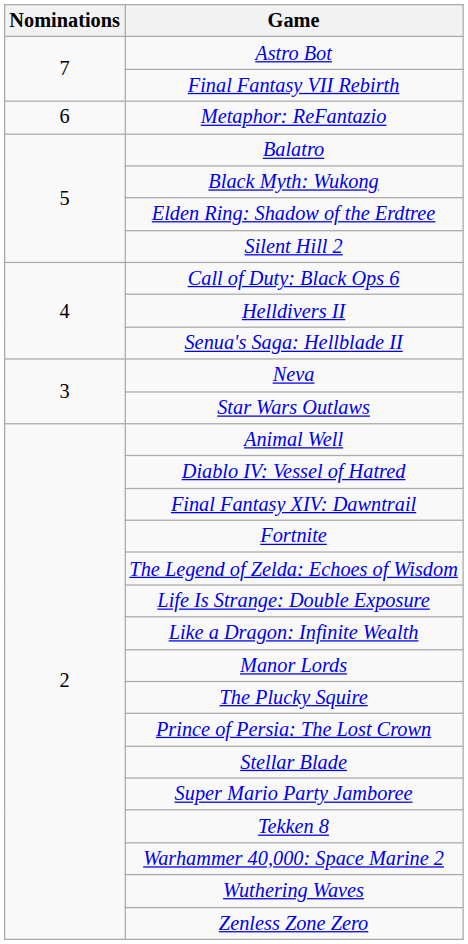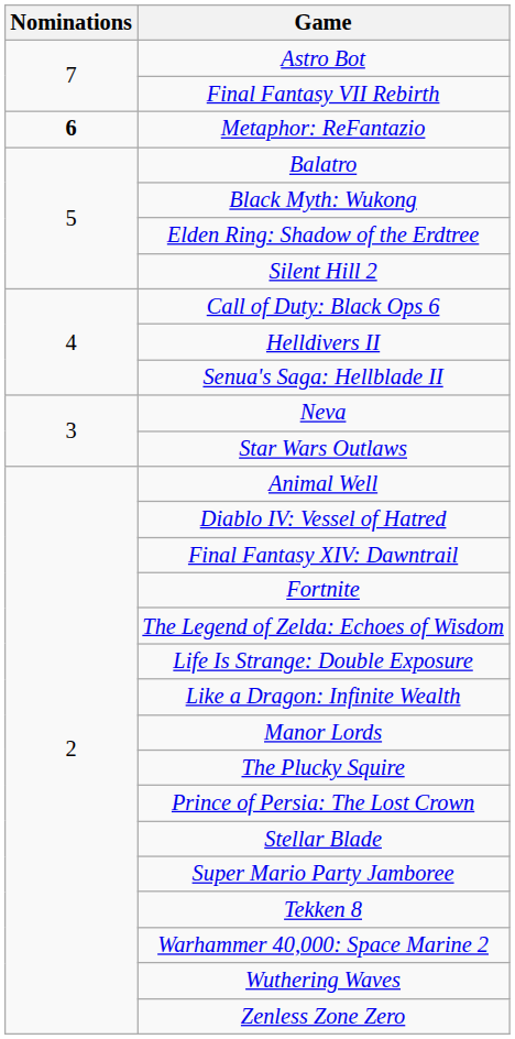 <table class="wikitable plainrowheaders sortable" rowspan="2" style="text-align:center;" background: #f6e39c;>
 <tr>
 <th scope="col" style="width:55px;">Nominations</th>
 <th scope="col" style="text-align:center;">Game</th>
 </tr>
 <tr>
 <td rowspan="2">7</td>
 <td><em><a href='#'>Astro Bot</a></em></td>
 </tr>
 <tr>
 <td><em><a href='#'>Final Fantasy VII Rebirth</a></em></td>
 </tr>
 <tr>
-<td>6</td>
+<td><strong>6</strong></td>
 <td><em><a href='#'>Metaphor: ReFantazio</a></em></td>
 </tr>
 <tr>
 <td rowspan="4">5</td>
 <td><em><a href='#'>Balatro</a></em></td>
 </tr>
 <tr>
 <td><em><a href='#'>Black Myth: Wukong</a></em></td>
 </tr>
 <tr>
 <td><em><a href='#'>Elden Ring: Shadow of the Erdtree</a></em></td>
 </tr>
 <tr>
 <td><em><a href='#'>Silent Hill 2</a></em></td>
 </tr>
 <tr>
 <td rowspan="3">4</td>
 <td><em><a href='#'>Call of Duty: Black Ops 6</a></em></td>
 </tr>
 <tr>
 <td><em><a href='#'>Helldivers II</a></em></td>
 </tr>
 <tr>
 <td><em><a href='#'>Senua's Saga: Hellblade II</a></em></td>
 </tr>
 <tr>
 <td rowspan="2">3</td>
 <td><em><a href='#'>Neva</a></em></td>
 </tr>
 <tr>
 <td><em><a href='#'>Star Wars Outlaws</a></em></td>
 </tr>
 <tr>
 <td rowspan="16">2</td>
 <td><em><a href='#'>Animal Well</a></em></td>
 </tr>
 <tr>
 <td><em><a href='#'>Diablo IV: Vessel of Hatred</a></em></td>
 </tr>
 <tr>
 <td><em><a href='#'>Final Fantasy XIV: Dawntrail</a></em></td>
 </tr>
 <tr>
 <td><em><a href='#'>Fortnite</a></em></td>
 </tr>
 <tr>
 <td data-sort-value="Legend of Zelda Echoes of Wisdom"><em><a href='#'>The Legend of Zelda: Echoes of Wisdom</a></em></td>
 </tr>
 <tr>
 <td><em><a href='#'>Life Is Strange: Double Exposure</a></em></td>
 </tr>
 <tr>
 <td><em><a href='#'>Like a Dragon: Infinite Wealth</a></em></td>
 </tr>
 <tr>
 <td><em><a href='#'>Manor Lords</a></em></td>
 </tr>
 <tr>
 <td><em><a href='#'>The Plucky Squire</a></em></td>
 </tr>
 <tr>
 <td><em><a href='#'>Prince of Persia: The Lost Crown</a></em></td>
 </tr>
 <tr>
 <td><em><a href='#'>Stellar Blade</a></em></td>
 </tr>
 <tr>
 <td><em><a href='#'>Super Mario Party Jamboree</a></em></td>
 </tr>
 <tr>
 <td><em><a href='#'>Tekken 8</a></em></td>
 </tr>
 <tr>
 <td><em><a href='#'>Warhammer 40,000: Space Marine 2</a></em></td>
 </tr>
 <tr>
 <td><em><a href='#'>Wuthering Waves</a></em></td>
 </tr>
 <tr>
 <td><em><a href='#'>Zenless Zone Zero</a></em></td>
 </tr>
 </table>
